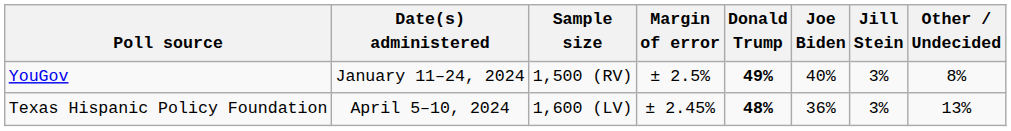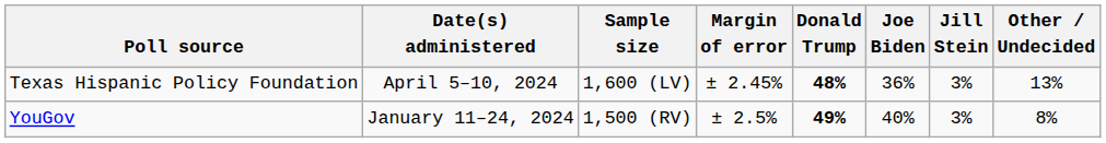 <table class="wikitable sortable mw-datatable" style="font-size:90%;text-align:center;line-height:17px">
 <tr style="vertical-align:bottom">
 <th>Poll source</th>
 <th>Date(s)<br>administered</th>
 <th>Sample<br>size</th>
 <th>Margin<br>of error</th>
 <th class="unsortable">Donald<br>Trump<br></th>
 <th class="unsortable">Joe<br>Biden<br></th>
 <th class="unsortable">Jill<br>Stein<br></th>
 <th class="unsortable">Other /<br>Undecided</th>
 </tr>
 <tr>
+<td style="text-align:left;">Texas Hispanic Policy Foundation</td>
+<td data-sort-value="2024-04-16">April 5–10, 2024</td>
+<td>1,600 (LV)</td>
+<td>± 2.45%</td>
+<td style="background-color:"><strong>48%</strong></td>
+<td>36%</td>
+<td>3%</td>
+<td>13%</td>
+</tr>
+<tr>
 <td style="text-align:left;"><a href='#'>YouGov</a></td>
 <td data-sort-value="2024-01-30">January 11–24, 2024</td>
 <td>1,500 (RV)</td>
 <td>± 2.5%</td>
 <td style="background-color:"><strong>49%</strong></td>
 <td>40%</td>
 <td>3%</td>
 <td>8%</td>
 </tr>
-<tr>
-<td style="text-align:left;">Texas Hispanic Policy Foundation</td>
-<td data-sort-value="2024-04-16">April 5–10, 2024</td>
-<td>1,600 (LV)</td>
-<td>± 2.45%</td>
-<td style="background-color:"><strong>48%</strong></td>
-<td>36%</td>
-<td>3%</td>
-<td>13%</td>
-</tr>
 </table>
